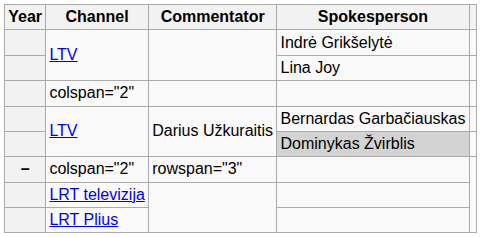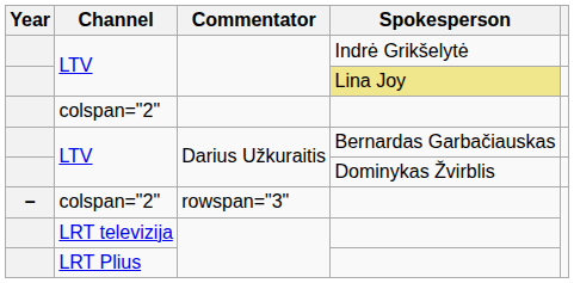 <table class="wikitable sortable plainrowheaders">
 <tr>
 <th scope="col">Year</th>
 <th scope="col">Channel</th>
 <th scope="col">Commentator</th>
 <th scope="col">Spokesperson</th>
 <th scope="col" class="unsortable"></th>
 </tr>
 <tr>
 <th scope="row"></th>
 <td rowspan="2"><a href='#'>LTV</a></td>
 <td rowspan="2"></td>
 <td>Indrė Grikšelytė</td>
 <td></td>
 </tr>
 <tr>
 <th scope="row"></th>
-<td>Lina Joy</td>
+<td style="background: khaki;">Lina Joy</td>
 <td></td>
 </tr>
 <tr>
 <th scope="row"></th>
 <td>colspan="2" </td>
 <td></td>
 <td></td>
 </tr>
 <tr>
 <th scope="row"></th>
 <td rowspan="2"><a href='#'>LTV</a></td>
 <td rowspan="2">Darius Užkuraitis</td>
 <td>Bernardas Garbačiauskas</td>
 <td></td>
 </tr>
 <tr>
 <th scope="row"></th>
-<td style="background: lightgrey;">Dominykas Žvirblis</td>
+<td>Dominykas Žvirblis</td>
 <td></td>
 </tr>
 <tr>
 <th scope="row">–</th>
 <td>colspan="2" </td>
 <td>rowspan="3" </td>
 <td></td>
 </tr>
 <tr>
 <th scope="row"></th>
 <td><a href='#'>LRT televizija</a></td>
 <td rowspan="2"></td>
 <td></td>
 </tr>
 <tr>
 <th scope="row"></th>
 <td><a href='#'>LRT Plius</a></td>
 <td></td>
 </tr>
 </table>
